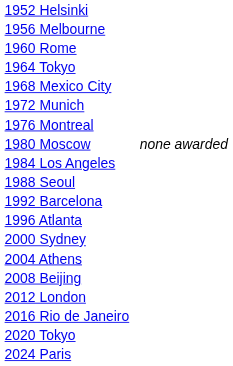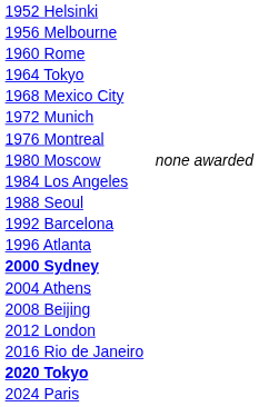 <table>
 <tr>
 <td><a href='#'>1952 Helsinki</a><br></td>
 <td></td>
 <td></td>
 <td></td>
 </tr>
 <tr>
 <td><a href='#'>1956 Melbourne</a><br></td>
 <td></td>
 <td></td>
 <td></td>
 </tr>
 <tr>
 <td><a href='#'>1960 Rome</a><br></td>
 <td></td>
 <td></td>
 <td></td>
 </tr>
 <tr>
 <td><a href='#'>1964 Tokyo</a><br></td>
 <td></td>
 <td></td>
 <td></td>
 </tr>
 <tr>
 <td><a href='#'>1968 Mexico City</a><br></td>
 <td></td>
 <td></td>
 <td></td>
 </tr>
 <tr>
 <td><a href='#'>1972 Munich</a><br></td>
 <td></td>
 <td></td>
 <td></td>
 </tr>
 <tr>
 <td><a href='#'>1976 Montreal</a><br></td>
 <td></td>
 <td></td>
 <td></td>
 </tr>
 <tr valign="top">
 <td rowspan="2"><a href='#'>1980 Moscow</a><br></td>
 <td rowspan="2"></td>
 <td></td>
 <td rowspan="2"   align="center"><em>none awarded</em></td>
 </tr>
 <tr>
 <td></td>
 </tr>
 <tr>
 <td><a href='#'>1984 Los Angeles</a><br></td>
 <td></td>
 <td></td>
 <td></td>
 </tr>
 <tr>
 <td><a href='#'>1988 Seoul</a><br></td>
 <td></td>
 <td></td>
 <td></td>
 </tr>
 <tr>
 <td><a href='#'>1992 Barcelona</a><br></td>
 <td></td>
 <td></td>
 <td></td>
 </tr>
 <tr valign="top">
 <td rowspan="2"><a href='#'>1996 Atlanta</a><br></td>
 <td rowspan="2"></td>
 <td rowspan="2"></td>
 <td></td>
 </tr>
 <tr>
 <td></td>
 </tr>
 <tr>
-<td><a href='#'>2000 Sydney</a><br></td>
+<td><strong><a href='#'>2000 Sydney</a><br></strong></td>
 <td></td>
 <td></td>
 <td></td>
 </tr>
 <tr>
 <td><a href='#'>2004 Athens</a><br></td>
 <td></td>
 <td></td>
 <td></td>
 </tr>
 <tr>
 <td><a href='#'>2008 Beijing</a><br></td>
 <td></td>
 <td></td>
 <td></td>
 </tr>
 <tr>
 <td><a href='#'>2012 London</a><br></td>
 <td></td>
 <td></td>
 <td></td>
 </tr>
 <tr>
 <td><a href='#'>2016 Rio de Janeiro</a><br></td>
 <td></td>
 <td></td>
 <td></td>
 </tr>
 <tr>
-<td><a href='#'>2020 Tokyo</a><br></td>
+<td><strong><a href='#'>2020 Tokyo</a><br></strong></td>
 <td></td>
 <td></td>
 <td></td>
 </tr>
 <tr>
 <td><a href='#'>2024 Paris</a><br></td>
 <td></td>
 <td></td>
 <td></td>
 </tr>
 <tr>
 </tr>
 </table>
